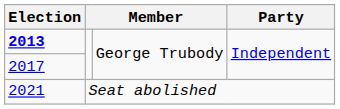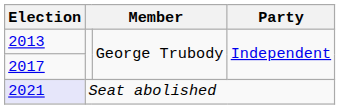 <table class="wikitable">
 <tr>
 <th>Election</th>
 <th colspan="2">Member</th>
 <th>Party</th>
 </tr>
 <tr>
-<td><strong><a href='#'>2013</a></strong></td>
+<td><a href='#'>2013</a></td>
 <td rowspan="2" style="background-color: "></td>
 <td rowspan="2">George Trubody</td>
 <td rowspan="2"><a href='#'>Independent</a></td>
 </tr>
 <tr>
 <td><a href='#'>2017</a></td>
 </tr>
 <tr>
-<td><a href='#'>2021</a></td>
+<td style="background: lavender;"><a href='#'>2021</a></td>
 <td colspan="3"><em>Seat abolished</em></td>
 </tr>
 </table>
